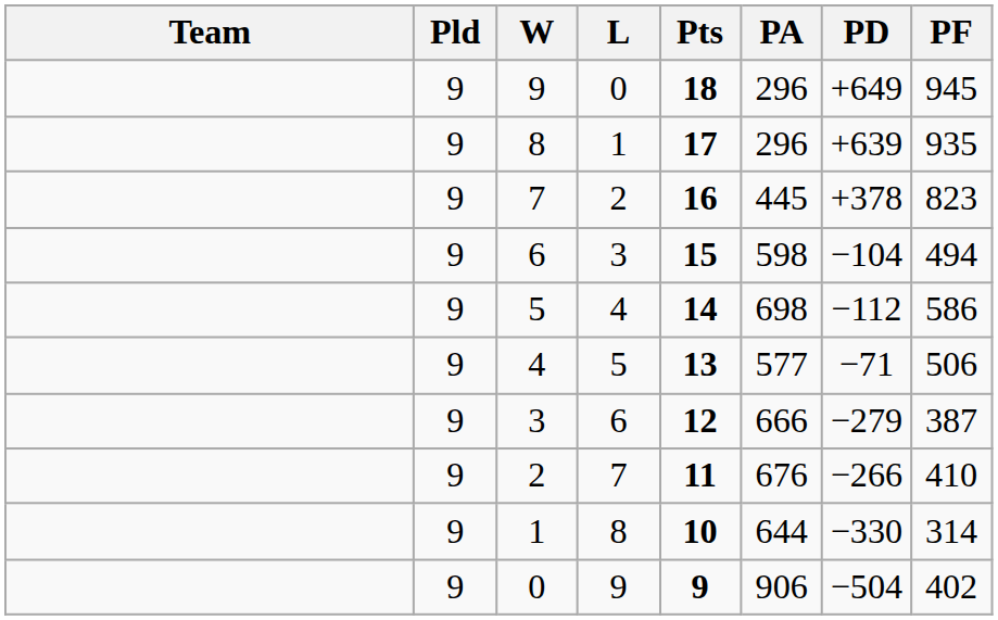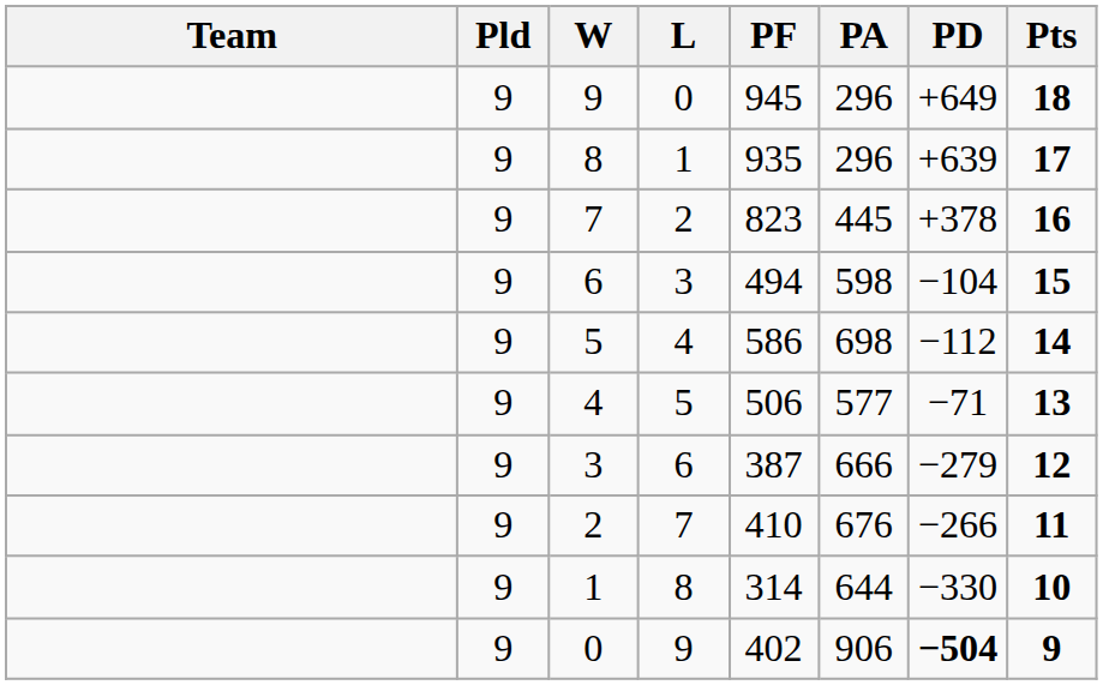 <table class=wikitable style="text-align:center">
 <tr>
 <th width=180>Team</th>
 <th width=30>Pld</th>
 <th width=30>W</th>
 <th width=30>L</th>
-<th width=30>Pts</th>
+<th width=30>PF</th>
 <th width=30>PA</th>
 <th width=30>PD</th>
-<th width=30>PF</th>
+<th width=30>Pts</th>
 </tr>
 <tr>
 <td align="left"></td>
 <td>9</td>
 <td>9</td>
 <td>0</td>
-<td><strong>18</strong></td>
+<td>945</td>
 <td>296</td>
 <td>+649</td>
-<td>945</td>
+<td><strong>18</strong></td>
 </tr>
 <tr>
 <td align="left"></td>
 <td>9</td>
 <td>8</td>
 <td>1</td>
-<td><strong>17</strong></td>
+<td>935</td>
 <td>296</td>
 <td>+639</td>
-<td>935</td>
+<td><strong>17</strong></td>
 </tr>
 <tr>
 <td align="left"></td>
 <td>9</td>
 <td>7</td>
 <td>2</td>
-<td><strong>16</strong></td>
+<td>823</td>
 <td>445</td>
 <td>+378</td>
-<td>823</td>
+<td><strong>16</strong></td>
 </tr>
 <tr>
 <td align="left"></td>
 <td>9</td>
 <td>6</td>
 <td>3</td>
-<td><strong>15</strong></td>
+<td>494</td>
 <td>598</td>
 <td>−104</td>
-<td>494</td>
+<td><strong>15</strong></td>
 </tr>
 <tr>
 <td align="left"></td>
 <td>9</td>
 <td>5</td>
 <td>4</td>
-<td><strong>14</strong></td>
+<td>586</td>
 <td>698</td>
 <td>−112</td>
-<td>586</td>
+<td><strong>14</strong></td>
 </tr>
 <tr>
 <td align="left"></td>
 <td>9</td>
 <td>4</td>
 <td>5</td>
-<td><strong>13</strong></td>
+<td>506</td>
 <td>577</td>
 <td>−71</td>
-<td>506</td>
+<td><strong>13</strong></td>
 </tr>
 <tr>
 <td align="left"></td>
 <td>9</td>
 <td>3</td>
 <td>6</td>
-<td><strong>12</strong></td>
+<td>387</td>
 <td>666</td>
 <td>−279</td>
-<td>387</td>
+<td><strong>12</strong></td>
 </tr>
 <tr>
 <td align="left"></td>
 <td>9</td>
 <td>2</td>
 <td>7</td>
-<td><strong>11</strong></td>
+<td>410</td>
 <td>676</td>
 <td>−266</td>
-<td>410</td>
+<td><strong>11</strong></td>
 </tr>
 <tr>
 <td align="left"></td>
 <td>9</td>
 <td>1</td>
 <td>8</td>
-<td><strong>10</strong></td>
+<td>314</td>
 <td>644</td>
 <td>−330</td>
-<td>314</td>
+<td><strong>10</strong></td>
 </tr>
 <tr>
 <td align="left"></td>
 <td>9</td>
 <td>0</td>
 <td>9</td>
+<td>402</td>
+<td>906</td>
+<td><strong>−504</strong></td>
 <td><strong>9</strong></td>
-<td>906</td>
-<td>−504</td>
-<td>402</td>
 </tr>
 </table>
